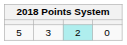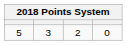 <table class="wikitable" style="text-align: center;">
 <tr>
 <th colspan=4><strong>2018 Points System</strong></th>
 </tr>
 <tr>
 <th style="width: 40px;"></th>
 <th style="width: 40px;"></th>
 <th style="width: 40px;"></th>
 <th style="width: 40px;"></th>
 </tr>
 <tr>
 <td>5</td>
 <td>3</td>
-<td style="background: paleturquoise;">2</td>
+<td>2</td>
 <td>0</td>
 </tr>
 </table>
